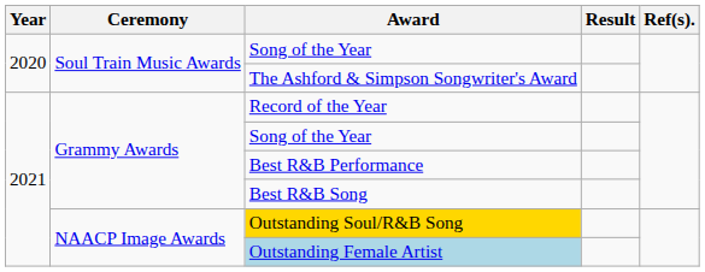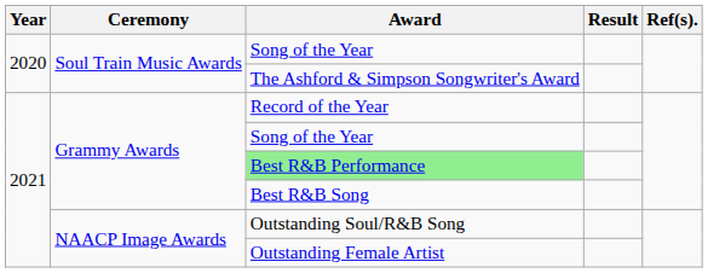 <table class="wikitable">
 <tr>
 <th>Year</th>
 <th>Ceremony</th>
 <th>Award</th>
 <th>Result</th>
 <th>Ref(s).</th>
 </tr>
 <tr>
 <td rowspan="2">2020</td>
 <td rowspan="2"><a href='#'>Soul Train Music Awards</a></td>
 <td><a href='#'>Song of the Year</a></td>
 <td></td>
 <td rowspan="2" style="text-align:center;"></td>
 </tr>
 <tr>
 <td><a href='#'>The Ashford & Simpson Songwriter's Award</a></td>
 <td></td>
 </tr>
 <tr>
 <td rowspan="6">2021</td>
 <td rowspan="4"><a href='#'>Grammy Awards</a></td>
 <td><a href='#'>Record of the Year</a></td>
 <td></td>
 <td rowspan="4" style="text-align:center;"></td>
 </tr>
 <tr>
 <td><a href='#'>Song of the Year</a></td>
 <td></td>
 </tr>
 <tr>
-<td><a href='#'>Best R&B Performance</a></td>
+<td style="background: lightgreen;"><a href='#'>Best R&B Performance</a></td>
 <td></td>
 </tr>
 <tr>
 <td><a href='#'>Best R&B Song</a></td>
 <td></td>
 </tr>
 <tr>
 <td rowspan="2"><a href='#'>NAACP Image Awards</a></td>
-<td style="background: gold;">Outstanding Soul/R&B Song</td>
+<td>Outstanding Soul/R&B Song</td>
 <td></td>
 <td rowspan="2"></td>
 </tr>
 <tr>
-<td style="background: lightblue;"><a href='#'>Outstanding Female Artist</a></td>
+<td><a href='#'>Outstanding Female Artist</a></td>
 <td></td>
 </tr>
 </table>
